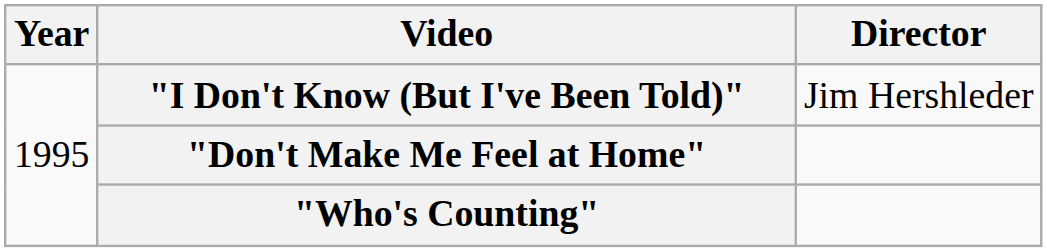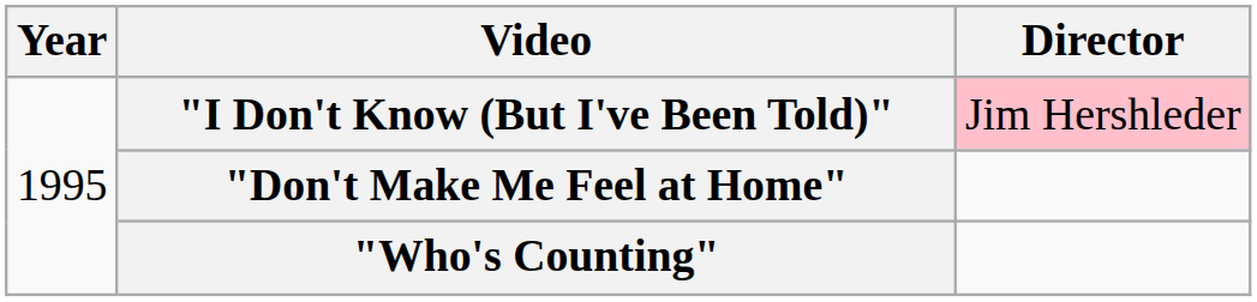 <table class="wikitable plainrowheaders">
 <tr>
 <th>Year</th>
 <th style="width:18em;">Video</th>
 <th>Director</th>
 </tr>
 <tr>
 <td rowspan="3">1995</td>
 <th scope="row">"I Don't Know (But I've Been Told)"</th>
-<td>Jim Hershleder</td>
+<td style="background: pink;">Jim Hershleder</td>
 </tr>
 <tr>
 <th scope="row">"Don't Make Me Feel at Home"</th>
 <td></td>
 </tr>
 <tr>
 <th scope="row">"Who's Counting"</th>
 <td></td>
 </tr>
 </table>
